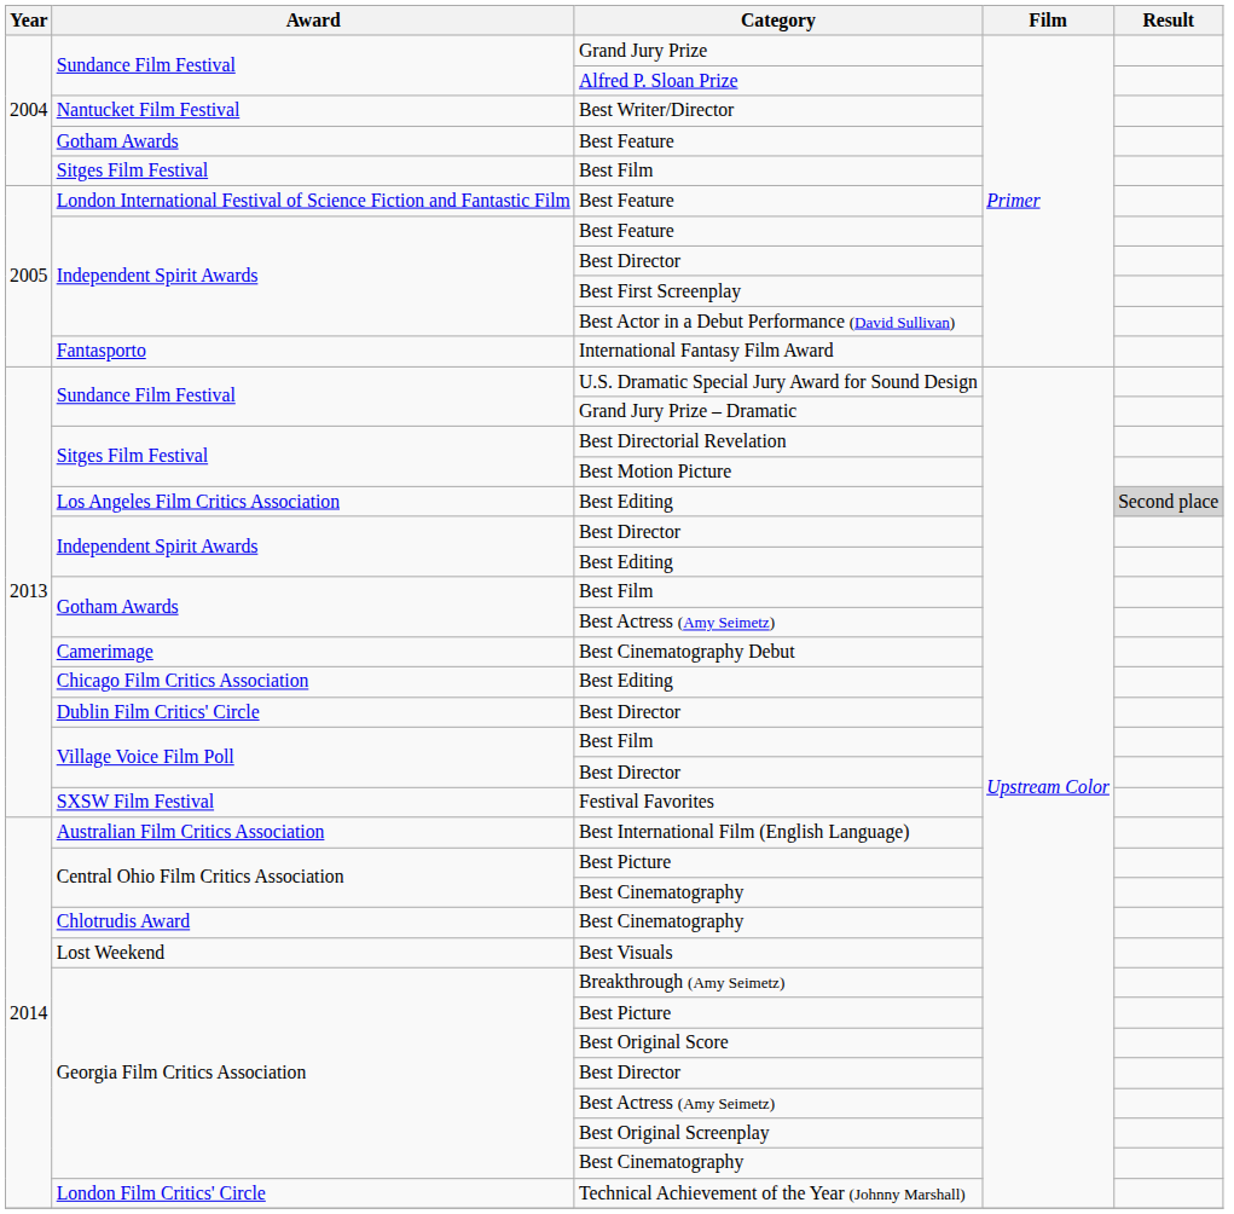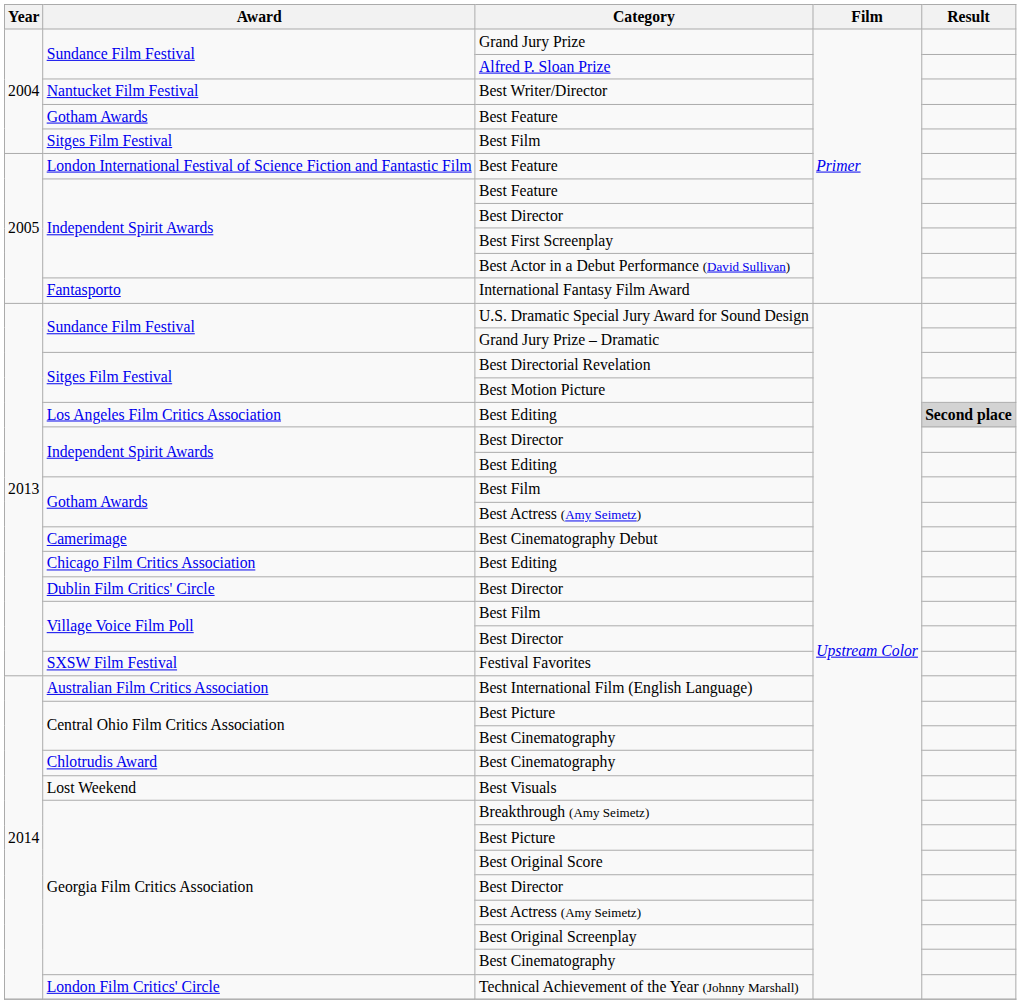 <table class="wikitable">
 <tr>
 <th>Year</th>
 <th>Award</th>
 <th>Category</th>
 <th>Film</th>
 <th>Result</th>
 </tr>
 <tr>
 <td rowspan="5">2004</td>
 <td rowspan="2"><a href='#'>Sundance Film Festival</a></td>
 <td>Grand Jury Prize</td>
 <td rowspan=11><em><a href='#'>Primer</a></em></td>
 <td></td>
 </tr>
 <tr>
 <td><a href='#'>Alfred P. Sloan Prize</a></td>
 <td></td>
 </tr>
 <tr>
 <td><a href='#'>Nantucket Film Festival</a></td>
 <td>Best Writer/Director</td>
 <td></td>
 </tr>
 <tr>
 <td><a href='#'>Gotham Awards</a></td>
 <td>Best Feature</td>
 <td></td>
 </tr>
 <tr>
 <td><a href='#'>Sitges Film Festival</a></td>
 <td>Best Film</td>
 <td></td>
 </tr>
 <tr>
 <td rowspan="6">2005</td>
 <td><a href='#'>London International Festival of Science Fiction and Fantastic Film</a></td>
 <td>Best Feature</td>
 <td></td>
 </tr>
 <tr>
 <td rowspan="4"><a href='#'>Independent Spirit Awards</a></td>
 <td>Best Feature</td>
 <td></td>
 </tr>
 <tr>
 <td>Best Director</td>
 <td></td>
 </tr>
 <tr>
 <td>Best First Screenplay</td>
 <td></td>
 </tr>
 <tr>
 <td>Best Actor in a Debut Performance <small>(<a href='#'>David Sullivan</a>)</small></td>
 <td></td>
 </tr>
 <tr>
 <td><a href='#'>Fantasporto</a></td>
 <td>International Fantasy Film Award</td>
 <td></td>
 </tr>
 <tr>
 <td rowspan="15">2013</td>
 <td rowspan=2><a href='#'>Sundance Film Festival</a></td>
 <td>U.S. Dramatic Special Jury Award for Sound Design</td>
 <td rowspan=28><em><a href='#'>Upstream Color</a></em></td>
 <td></td>
 </tr>
 <tr>
 <td>Grand Jury Prize – Dramatic</td>
 <td></td>
 </tr>
 <tr>
 <td rowspan="2"><a href='#'>Sitges Film Festival</a></td>
 <td>Best Directorial Revelation</td>
 <td></td>
 </tr>
 <tr>
 <td>Best Motion Picture</td>
 <td></td>
 </tr>
 <tr>
 <td><a href='#'>Los Angeles Film Critics Association</a></td>
 <td>Best Editing</td>
-<td style="background:lightgrey">Second place</td>
+<td style="background:lightgrey"><strong>Second place</strong></td>
 </tr>
 <tr>
 <td rowspan="2"><a href='#'>Independent Spirit Awards</a></td>
 <td>Best Director</td>
 <td></td>
 </tr>
 <tr>
 <td>Best Editing</td>
 <td></td>
 </tr>
 <tr>
 <td rowspan="2"><a href='#'>Gotham Awards</a></td>
 <td>Best Film</td>
 <td></td>
 </tr>
 <tr>
 <td>Best Actress <small>(<a href='#'>Amy Seimetz</a>)</small></td>
 <td></td>
 </tr>
 <tr>
 <td><a href='#'>Camerimage</a></td>
 <td>Best Cinematography Debut</td>
 <td></td>
 </tr>
 <tr>
 <td><a href='#'>Chicago Film Critics Association</a></td>
 <td>Best Editing</td>
 <td></td>
 </tr>
 <tr>
 <td><a href='#'>Dublin Film Critics' Circle</a></td>
 <td>Best Director</td>
 <td></td>
 </tr>
 <tr>
 <td rowspan=2><a href='#'>Village Voice Film Poll</a></td>
 <td>Best Film</td>
 <td></td>
 </tr>
 <tr>
 <td>Best Director</td>
 <td></td>
 </tr>
 <tr>
 <td><a href='#'>SXSW Film Festival</a></td>
 <td>Festival Favorites</td>
 <td></td>
 </tr>
 <tr>
 <td rowspan="13">2014</td>
 <td><a href='#'>Australian Film Critics Association</a></td>
 <td>Best International Film (English Language)</td>
 <td></td>
 </tr>
 <tr>
 <td rowspan="2">Central Ohio Film Critics Association</td>
 <td>Best Picture</td>
 <td></td>
 </tr>
 <tr>
 <td>Best Cinematography</td>
 <td></td>
 </tr>
 <tr>
 <td><a href='#'>Chlotrudis Award</a></td>
 <td>Best Cinematography</td>
 <td></td>
 </tr>
 <tr>
 <td>Lost Weekend</td>
 <td>Best Visuals</td>
 <td></td>
 </tr>
 <tr>
 <td rowspan="7">Georgia Film Critics Association</td>
 <td>Breakthrough <small>(Amy Seimetz)</small></td>
 <td></td>
 </tr>
 <tr>
 <td>Best Picture</td>
 <td></td>
 </tr>
 <tr>
 <td>Best Original Score</td>
 <td></td>
 </tr>
 <tr>
 <td>Best Director</td>
 <td></td>
 </tr>
 <tr>
 <td>Best Actress <small>(Amy Seimetz)</small></td>
 <td></td>
 </tr>
 <tr>
 <td>Best Original Screenplay</td>
 <td></td>
 </tr>
 <tr>
 <td>Best Cinematography</td>
 <td></td>
 </tr>
 <tr>
 <td><a href='#'>London Film Critics' Circle</a></td>
 <td>Technical Achievement of the Year <small>(Johnny Marshall)</small></td>
 <td></td>
 </tr>
 <tr>
 </tr>
 </table>
